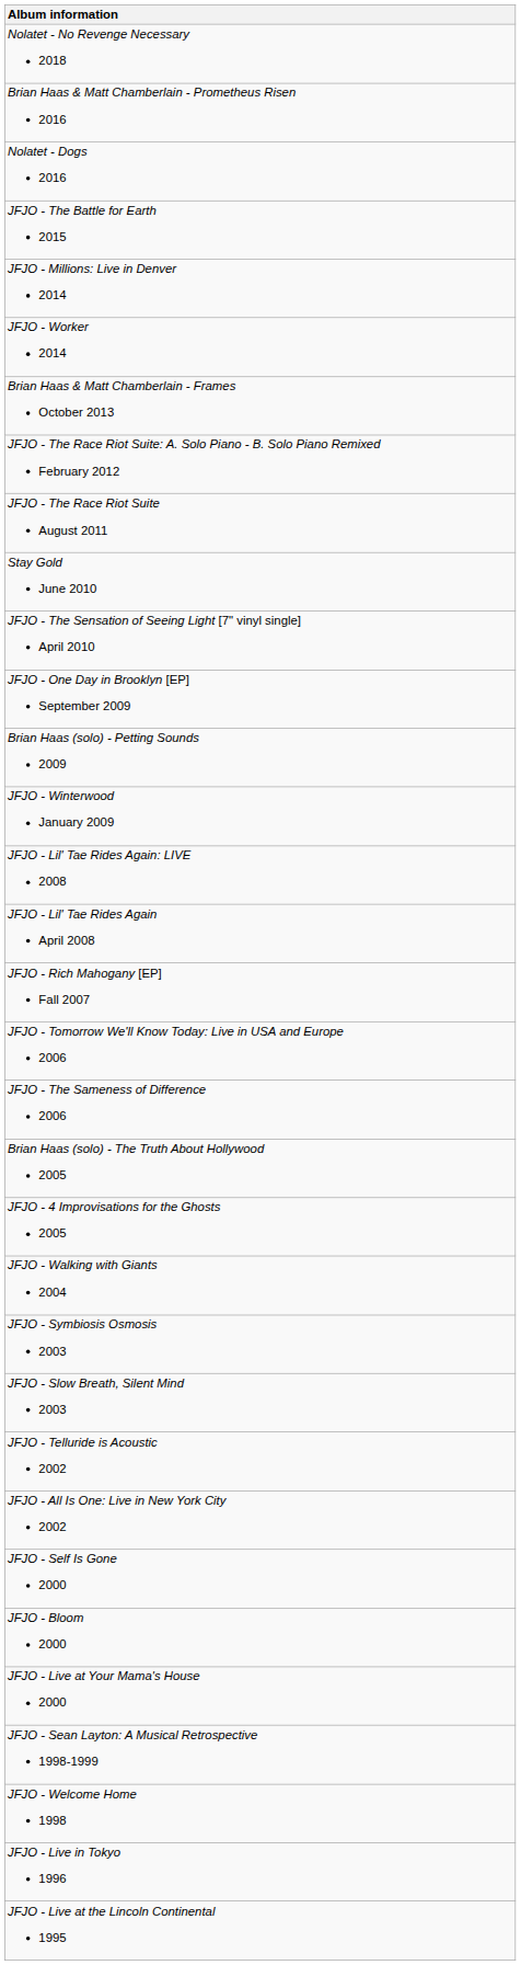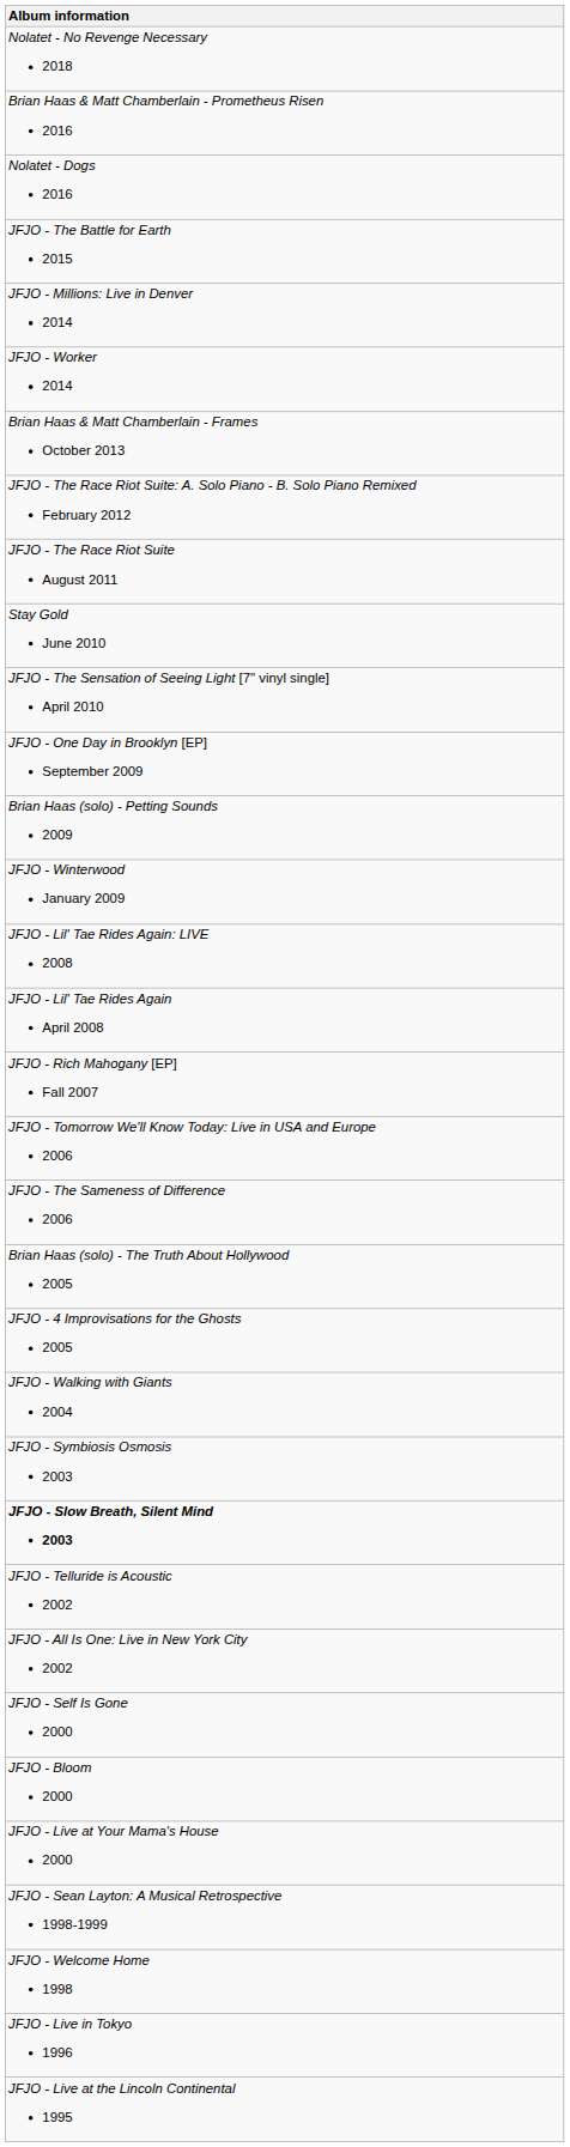 <table class="wikitable">
 <tr>
 <th style="text-align:left; width:650px;">Album information</th>
 </tr>
 <tr>
 <td align="left"><em>Nolatet - No Revenge Necessary</em><br><ul><li>2018</li></ul></td>
 </tr>
 <tr>
 <td align="left"><em>Brian Haas & Matt Chamberlain - Prometheus Risen</em><br><ul><li>2016</li></ul></td>
 </tr>
 <tr>
 <td align="left"><em>Nolatet - Dogs</em><br><ul><li>2016</li></ul></td>
 </tr>
 <tr>
 <td align="left"><em>JFJO - The Battle for Earth</em><br><ul><li>2015</li></ul></td>
 </tr>
 <tr>
 <td align="left"><em>JFJO - Millions: Live in Denver</em><br><ul><li>2014</li></ul></td>
 </tr>
 <tr>
 <td align="left"><em>JFJO - Worker</em><br><ul><li>2014</li></ul></td>
 </tr>
 <tr>
 <td align="left"><em>Brian Haas & Matt Chamberlain - Frames</em><br><ul><li>October 2013</li></ul></td>
 </tr>
 <tr>
 <td align="left"><em>JFJO - The Race Riot Suite: A. Solo Piano - B. Solo Piano Remixed</em><br><ul><li>February 2012</li></ul></td>
 </tr>
 <tr>
 <td align="left"><em>JFJO - The Race Riot Suite</em><br><ul><li>August 2011</li></ul></td>
 </tr>
 <tr>
 <td align="left"><em>Stay Gold</em><br><ul><li>June 2010</li></ul></td>
 </tr>
 <tr>
 <td align="left"><em>JFJO - The Sensation of Seeing Light</em> [7" vinyl single]<br><ul><li>April 2010</li></ul></td>
 </tr>
 <tr>
 <td align="left"><em>JFJO - One Day in Brooklyn</em> [EP]<br><ul><li>September 2009</li></ul></td>
 </tr>
 <tr>
 <td align="left"><em>Brian Haas (solo) - Petting Sounds</em><br><ul><li>2009</li></ul></td>
 </tr>
 <tr>
 <td align="left"><em>JFJO - Winterwood</em><br><ul><li>January 2009</li></ul></td>
 </tr>
 <tr>
 <td align="left"><em>JFJO - Lil' Tae Rides Again: LIVE</em><br><ul><li>2008</li></ul></td>
 </tr>
 <tr>
 <td align="left"><em>JFJO - Lil' Tae Rides Again</em><br><ul><li>April 2008</li></ul></td>
 </tr>
 <tr>
 <td align="left"><em>JFJO - Rich Mahogany</em> [EP]<br><ul><li>Fall 2007</li></ul></td>
 </tr>
 <tr>
 <td align="left"><em>JFJO - Tomorrow We'll Know Today: Live in USA and Europe</em><br><ul><li>2006</li></ul></td>
 </tr>
 <tr>
 <td align="left"><em>JFJO - The Sameness of Difference</em><br><ul><li>2006</li></ul></td>
 </tr>
 <tr>
 <td align="left"><em>Brian Haas (solo) - The Truth About Hollywood</em><br><ul><li>2005</li></ul></td>
 </tr>
 <tr>
 <td align="left"><em>JFJO - 4 Improvisations for the Ghosts</em><br><ul><li>2005</li></ul></td>
 </tr>
 <tr>
 <td align="left"><em>JFJO - Walking with Giants</em><br><ul><li>2004</li></ul></td>
 </tr>
 <tr>
 <td align="left"><em>JFJO - Symbiosis Osmosis</em><br><ul><li>2003</li></ul></td>
 </tr>
 <tr>
-<td align="left"><em>JFJO - Slow Breath, Silent Mind</em><br><ul><li>2003</li></ul></td>
+<td align="left"><strong><em>JFJO - Slow Breath, Silent Mind</em><br><ul><li>2003</li></ul></strong></td>
 </tr>
 <tr>
 <td align="left"><em>JFJO - Telluride is Acoustic</em><br><ul><li>2002</li></ul></td>
 </tr>
 <tr>
 <td align="left"><em>JFJO - All Is One: Live in New York City</em><br><ul><li>2002</li></ul></td>
 </tr>
 <tr>
 <td align="left"><em>JFJO - Self Is Gone</em><br><ul><li>2000</li></ul></td>
 </tr>
 <tr>
 <td align="left"><em>JFJO - Bloom</em><br><ul><li>2000</li></ul></td>
 </tr>
 <tr>
 <td align="left"><em>JFJO - Live at Your Mama's House</em><br><ul><li>2000</li></ul></td>
 </tr>
 <tr>
 <td align="left"><em>JFJO - Sean Layton: A Musical Retrospective</em><br><ul><li>1998-1999</li></ul></td>
 </tr>
 <tr>
 <td align="left"><em>JFJO - Welcome Home</em><br><ul><li>1998</li></ul></td>
 </tr>
 <tr>
 <td align="left"><em>JFJO - Live in Tokyo</em><br><ul><li>1996</li></ul></td>
 </tr>
 <tr>
 <td align="left"><em>JFJO - Live at the Lincoln Continental</em><br><ul><li>1995</li></ul></td>
 </tr>
 </table>
